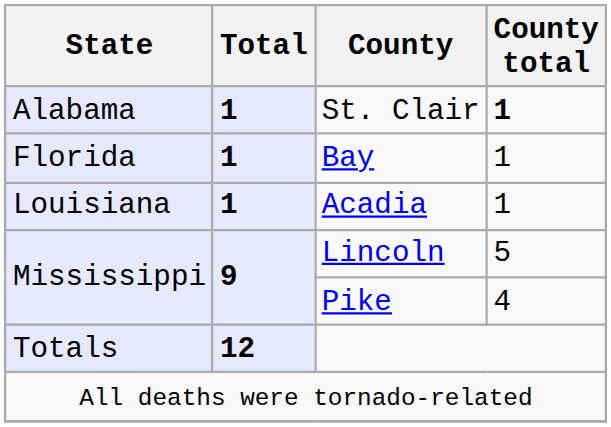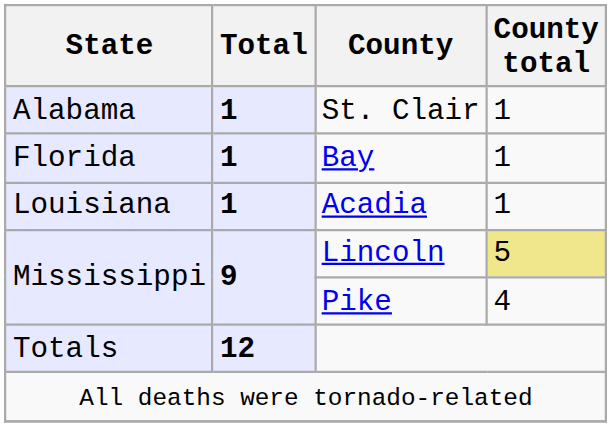 <table class="wikitable" style="margin:0 0 0.5em 1em;float:right;">
 <tr>
 <th><strong>State</strong></th>
 <th><strong>Total</strong></th>
 <th><strong>County</strong></th>
 <th><strong>County<br>total</strong></th>
 </tr>
 <tr>
 <td rowspan=1 bgcolor="#e6e9ff">Alabama</td>
 <td rowspan=1 bgcolor="#e6e9ff"><strong>1</strong></td>
 <td>St. Clair</td>
-<td><strong>1</strong></td>
+<td>1</td>
 </tr>
 <tr>
 <td rowspan=1 bgcolor="#e6e9ff">Florida</td>
 <td rowspan=1 bgcolor="#e6e9ff"><strong>1</strong></td>
 <td><a href='#'>Bay</a></td>
 <td>1</td>
 </tr>
 <tr>
 <td rowspan=1 bgcolor="#e6e9ff">Louisiana</td>
 <td rowspan=1 bgcolor="#e6e9ff"><strong>1</strong></td>
 <td><a href='#'>Acadia</a></td>
 <td>1</td>
 </tr>
 <tr>
 <td rowspan=2 bgcolor="#e6e9ff">Mississippi</td>
 <td rowspan=2 bgcolor="#e6e9ff"><strong>9</strong></td>
 <td><a href='#'>Lincoln</a></td>
-<td>5</td>
+<td style="background: khaki;">5</td>
 </tr>
 <tr>
 <td><a href='#'>Pike</a></td>
 <td>4</td>
 </tr>
 <tr>
 <td bgcolor="#e6e9ff">Totals</td>
 <td bgcolor="#e6e9ff"><strong>12</strong></td>
 <td colspan=2></td>
 </tr>
 <tr>
 <td colspan=4 align=center><small>All deaths were tornado-related</small></td>
 </tr>
 <tr>
 </tr>
 </table>
